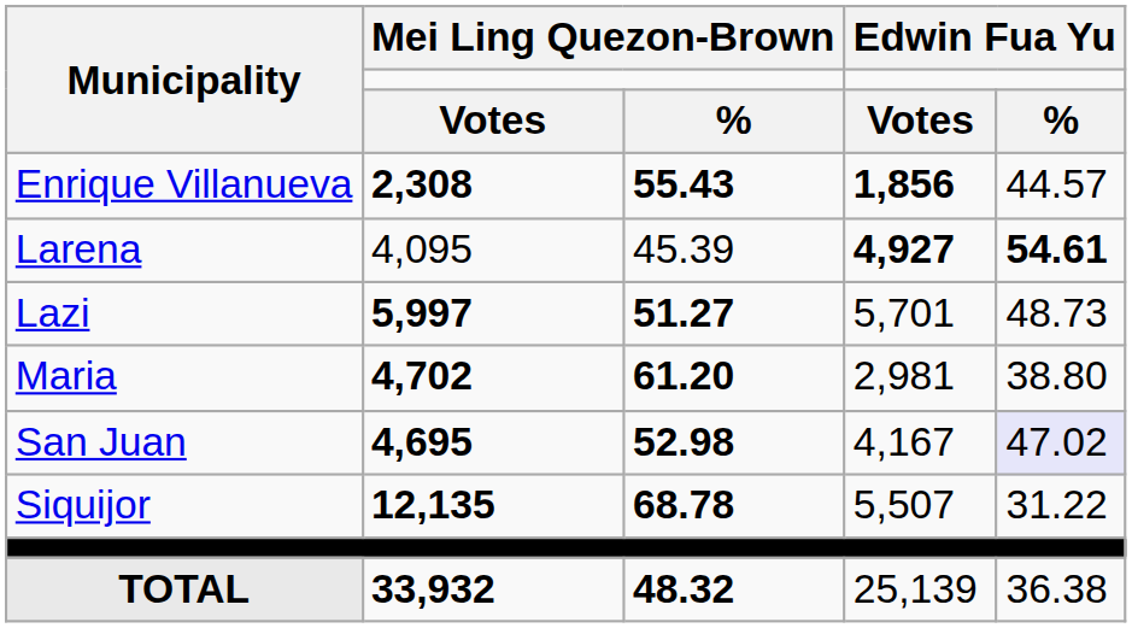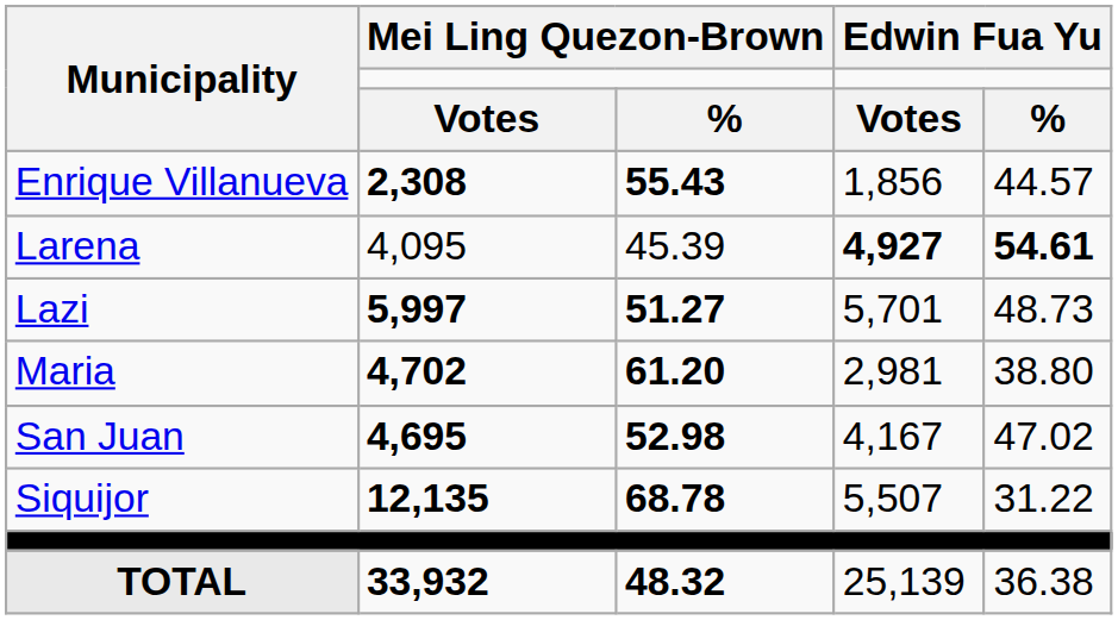 <table class="wikitable" style="text-align=center">
 <tr>
 <th rowspan="3">Municipality</th>
 <th colspan="2">Mei Ling Quezon-Brown</th>
 <th colspan="2">Edwin Fua Yu</th>
 </tr>
 <tr>
 <td colspan="2" style="background:"></td>
 <td colspan="2" style="background:"></td>
 </tr>
 <tr>
 <th>Votes</th>
 <th>%</th>
 <th>Votes</th>
 <th>%</th>
 </tr>
 <tr>
 <td align="left"><a href='#'>Enrique Villanueva</a></td>
 <td style="background:"><strong>2,308</strong></td>
 <td style="background:"><strong>55.43</strong></td>
-<td><strong>1,856</strong></td>
+<td>1,856</td>
 <td>44.57</td>
 </tr>
 <tr>
 <td align="left"><a href='#'>Larena</a></td>
 <td>4,095</td>
 <td>45.39</td>
 <td style="background:"><strong>4,927</strong></td>
 <td style="background:"><strong>54.61</strong></td>
 </tr>
 <tr>
 <td align="left"><a href='#'>Lazi</a></td>
 <td style="background:"><strong>5,997</strong></td>
 <td style="background:"><strong>51.27</strong></td>
 <td>5,701</td>
 <td>48.73</td>
 </tr>
 <tr>
 <td align="left"><a href='#'>Maria</a></td>
 <td style="background:"><strong>4,702</strong></td>
 <td style="background:"><strong>61.20</strong></td>
 <td>2,981</td>
 <td>38.80</td>
 </tr>
 <tr>
 <td align="left"><a href='#'>San Juan</a></td>
 <td style="background:"><strong>4,695</strong></td>
 <td style="background:"><strong>52.98</strong></td>
 <td>4,167</td>
-<td style="background: lavender;">47.02</td>
+<td>47.02</td>
 </tr>
 <tr>
 <td align="left"><a href='#'>Siquijor</a></td>
 <td style="background:"><strong>12,135</strong></td>
 <td style="background:"><strong>68.78</strong></td>
 <td>5,507</td>
 <td>31.22</td>
 </tr>
 <tr>
 <td colspan=5 bgcolor=black></td>
 </tr>
 <tr>
 <td style="background:#E9E9E9;" align="center"><strong>TOTAL</strong></td>
 <td style="background:"><strong>33,932</strong></td>
 <td style="background:"><strong>48.32</strong></td>
 <td>25,139</td>
 <td>36.38</td>
 </tr>
 </table>
